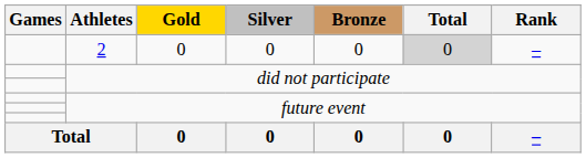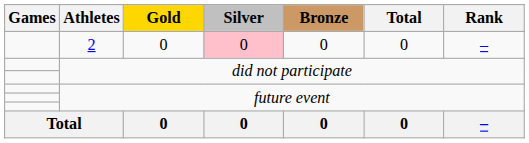 <table class="wikitable" style="text-align:center; font-size:90%;">
 <tr>
 <th>Games</th>
 <th>Athletes</th>
 <td style="background:gold; width:4.5em; font-weight:bold;">Gold</td>
 <td style="background:silver; width:4.5em; font-weight:bold;">Silver</td>
 <td style="background:#cc9966; width:4.5em; font-weight:bold;">Bronze</td>
 <th style="width:4.5em; font-weight:bold;">Total</th>
 <th style="width:4.5em; font-weight:bold;">Rank</th>
 </tr>
 <tr>
 <td align=left></td>
 <td><a href='#'>2</a></td>
 <td>0</td>
+<td style="background: pink;">0</td>
 <td>0</td>
 <td>0</td>
-<td style="background: lightgrey;">0</td>
 <td><a href='#'>–</a></td>
 </tr>
 <tr>
 <td align=left></td>
 <td colspan=6; rowspan=2><em>did not participate</em></td>
 </tr>
 <tr>
 <td align=left></td>
 </tr>
 <tr>
 <td align=left></td>
 <td rowspan=3 colspan=6><em>future event</em></td>
 </tr>
 <tr>
 <td align=left></td>
 </tr>
 <tr>
 <td align=left></td>
 </tr>
 <tr>
 <th colspan=2>Total</th>
 <th>0</th>
 <th>0</th>
 <th>0</th>
 <th>0</th>
 <th><a href='#'>–</a></th>
 </tr>
 </table>
